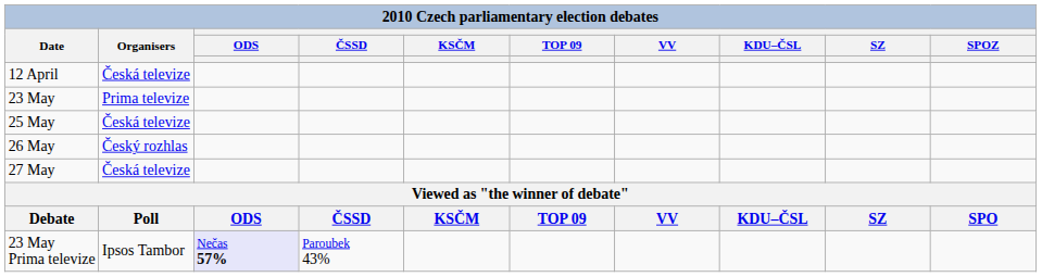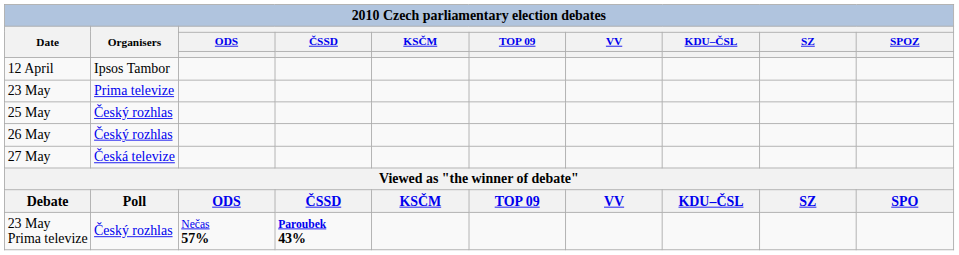 <table class="wikitable">
 <tr>
 <th colspan="11" style="background:#B0C4DE">2010 Czech parliamentary election debates</th>
 </tr>
 <tr style="font-size:small;">
 <th rowspan="3">Date</th>
 <th rowspan="3">Organisers</th>
 <th scope="col" colspan="8">    </th>
 </tr>
 <tr style="font-size:small;">
 <th scope="col" style="width:6.5em;"><a href='#'>ODS</a></th>
 <th scope="col" style="width:6.5em;"><a href='#'>ČSSD</a></th>
 <th scope="col" style="width:6.5em;"><a href='#'>KSČM</a></th>
 <th scope="col" style="width:6.5em;"><a href='#'>TOP 09</a></th>
 <th scope="col" style="width:6.5em;"><a href='#'>VV</a></th>
 <th scope="col" style="width:6.5em;"><a href='#'>KDU–ČSL</a></th>
 <th scope="col" style="width:6.5em;"><a href='#'>SZ</a></th>
 <th scope="col" style="width:6.5em;"><a href='#'>SPOZ</a></th>
 </tr>
 <tr>
 <th style="color:inherit;background:"></th>
 <th style="color:inherit;background:"></th>
 <th style="color:inherit;background:"></th>
 <th style="color:inherit;background:"></th>
 <th style="color:inherit;background:"></th>
 <th style="color:inherit;background:"></th>
 <th style="color:inherit;background:"></th>
 <th style="color:inherit;background:"></th>
 </tr>
 <tr>
 <td style="white-space:nowrap;">12 April</td>
-<td style="white-space:nowrap;"><a href='#'>Česká televize</a></td>
+<td style="white-space:nowrap;">Ipsos Tambor</td>
 <td></td>
 <td></td>
 <td></td>
 <td></td>
 <td></td>
 <td></td>
 <td></td>
 <td></td>
 </tr>
 <tr>
 <td style="white-space:nowrap;">23 May</td>
 <td style="white-space:nowrap;"><a href='#'>Prima televize</a></td>
 <td></td>
 <td></td>
 <td></td>
 <td></td>
 <td></td>
 <td></td>
 <td></td>
 <td></td>
 </tr>
 <tr>
 <td style="white-space:nowrap;">25 May</td>
-<td style="white-space:nowrap;"><a href='#'>Česká televize</a></td>
+<td style="white-space:nowrap;"><a href='#'>Český rozhlas</a></td>
 <td></td>
 <td></td>
 <td></td>
 <td></td>
 <td></td>
 <td></td>
 <td></td>
 <td></td>
 </tr>
 <tr>
 <td style="white-space:nowrap;">26 May</td>
 <td style="white-space:nowrap;"><a href='#'>Český rozhlas</a></td>
 <td></td>
 <td></td>
 <td></td>
 <td></td>
 <td></td>
 <td></td>
 <td></td>
 <td></td>
 </tr>
 <tr>
 <td style="white-space:nowrap;">27 May</td>
 <td style="white-space:nowrap;"><a href='#'>Česká televize</a></td>
 <td></td>
 <td></td>
 <td></td>
 <td></td>
 <td></td>
 <td></td>
 <td></td>
 <td></td>
 </tr>
 <tr>
 <th colspan="11">Viewed as "the winner of debate"</th>
 </tr>
 <tr>
 <th>Debate</th>
 <th>Poll</th>
 <th scope="col" style="width:6.5em;"><a href='#'>ODS</a></th>
 <th scope="col" style="width:6.5em;"><a href='#'>ČSSD</a></th>
 <th scope="col" style="width:6.5em;"><a href='#'>KSČM</a></th>
 <th scope="col" style="width:6.5em;"><a href='#'>TOP 09</a></th>
 <th scope="col" style="width:6.5em;"><a href='#'>VV</a></th>
 <th scope="col" style="width:6.5em;"><a href='#'>KDU–ČSL</a></th>
 <th scope="col" style="width:6.5em;"><a href='#'>SZ</a></th>
 <th scope="col" style="width:6.5em;"><a href='#'>SPO</a></th>
 </tr>
 <tr>
 <td style="white-space:nowrap;">23 May<br>Prima televize</td>
-<td style="white-space:nowrap;">Ipsos Tambor</td>
-<td style="background: lavender;"><small><a href='#'>Nečas</a></small><br><strong>57%</strong></td>
-<td><small><a href='#'>Paroubek</a></small><br>43%</td>
+<td style="white-space:nowrap;"><a href='#'>Český rozhlas</a></td>
+<td><small><a href='#'>Nečas</a></small><br><strong>57%</strong></td>
+<td><strong><small><a href='#'>Paroubek</a></small><br>43%</strong></td>
 <td></td>
 <td></td>
 <td></td>
 <td></td>
 <td></td>
 <td></td>
 </tr>
 </table>
